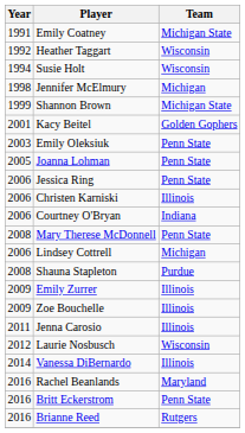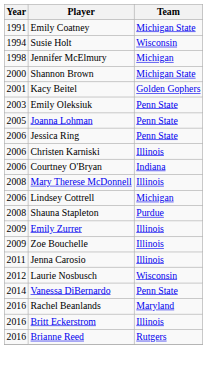 <table class="wikitable sortable">
 <tr>
 <th width=px>Year</th>
 <th width=px>Player</th>
 <th width=px>Team</th>
 </tr>
 <tr>
 <td>1991</td>
 <td>Emily Coatney</td>
 <td><a href='#'>Michigan State</a></td>
 </tr>
 <tr>
-<td>1992</td>
-<td>Heather Taggart</td>
-<td><a href='#'>Wisconsin</a></td>
-</tr>
-<tr>
 <td>1994</td>
 <td>Susie Holt</td>
 <td><a href='#'>Wisconsin</a></td>
 </tr>
 <tr>
 <td>1998</td>
 <td>Jennifer McElmury</td>
 <td><a href='#'>Michigan</a></td>
 </tr>
 <tr>
-<td>1999</td>
+<td>2000</td>
 <td>Shannon Brown</td>
 <td><a href='#'>Michigan State</a></td>
 </tr>
 <tr>
 <td>2001</td>
 <td>Kacy Beitel</td>
 <td><a href='#'>Golden Gophers</a></td>
 </tr>
 <tr>
 <td>2003</td>
 <td>Emily Oleksiuk</td>
 <td><a href='#'>Penn State</a></td>
 </tr>
 <tr>
 <td>2005</td>
 <td><a href='#'>Joanna Lohman</a></td>
 <td><a href='#'>Penn State</a></td>
 </tr>
 <tr>
 <td>2006</td>
 <td>Jessica Ring</td>
 <td><a href='#'>Penn State</a></td>
 </tr>
 <tr>
 <td>2006</td>
 <td>Christen Karniski</td>
 <td><a href='#'>Illinois</a></td>
 </tr>
 <tr>
 <td>2006</td>
 <td>Courtney O'Bryan</td>
 <td><a href='#'>Indiana</a></td>
 </tr>
 <tr>
 <td>2008</td>
 <td><a href='#'>Mary Therese McDonnell</a></td>
-<td><a href='#'>Penn State</a></td>
+<td><a href='#'>Illinois</a></td>
 </tr>
 <tr>
 <td>2006</td>
 <td>Lindsey Cottrell</td>
 <td><a href='#'>Michigan</a></td>
 </tr>
 <tr>
 <td>2008</td>
 <td>Shauna Stapleton</td>
 <td><a href='#'>Purdue</a></td>
 </tr>
 <tr>
 <td>2009</td>
 <td><a href='#'>Emily Zurrer</a></td>
 <td><a href='#'>Illinois</a></td>
 </tr>
 <tr>
 <td>2009</td>
 <td>Zoe Bouchelle</td>
 <td><a href='#'>Illinois</a></td>
 </tr>
 <tr>
 <td>2011</td>
 <td>Jenna Carosio</td>
 <td><a href='#'>Illinois</a></td>
 </tr>
 <tr>
 <td>2012</td>
 <td>Laurie Nosbusch</td>
 <td><a href='#'>Wisconsin</a></td>
 </tr>
 <tr>
 <td>2014</td>
 <td><a href='#'>Vanessa DiBernardo</a></td>
-<td><a href='#'>Illinois</a></td>
+<td><a href='#'>Penn State</a></td>
 </tr>
 <tr>
 <td>2016</td>
 <td>Rachel Beanlands</td>
 <td><a href='#'>Maryland</a></td>
 </tr>
 <tr>
 <td>2016</td>
 <td><a href='#'>Britt Eckerstrom</a></td>
-<td><a href='#'>Penn State</a></td>
+<td><a href='#'>Illinois</a></td>
 </tr>
 <tr>
 <td>2016</td>
 <td><a href='#'>Brianne Reed</a></td>
 <td><a href='#'>Rutgers</a></td>
 </tr>
 <tr>
 </tr>
 </table>
